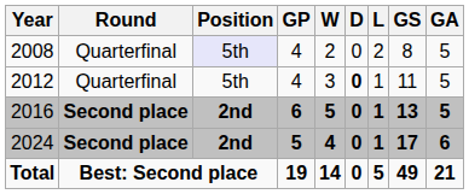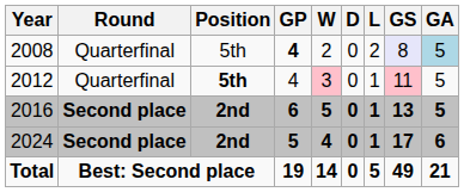 <table class="wikitable" style="text-align: center;">
 <tr>
 <th>Year</th>
 <th>Round</th>
 <th>Position</th>
 <th>GP</th>
 <th>W</th>
 <th>D</th>
 <th>L</th>
 <th>GS</th>
 <th>GA</th>
 </tr>
 <tr>
 <td> 2008</td>
 <td>Quarterfinal</td>
-<td style="background: lavender;">5th</td>
-<td>4</td>
+<td>5th</td>
+<td><strong>4</strong></td>
 <td>2</td>
 <td>0</td>
 <td>2</td>
-<td>8</td>
-<td>5</td>
+<td style="background: lavender;">8</td>
+<td style="background: lightblue;">5</td>
 </tr>
 <tr>
 <td> 2012</td>
 <td>Quarterfinal</td>
-<td>5th</td>
+<td><strong>5th</strong></td>
 <td>4</td>
-<td>3</td>
-<td><strong>0</strong></td>
+<td style="background: pink;">3</td>
+<td>0</td>
 <td>1</td>
-<td>11</td>
+<td style="background: pink;">11</td>
 <td>5</td>
 </tr>
 <tr bgcolor=silver>
 <td> 2016</td>
 <td><strong>Second place</strong></td>
 <td><strong>2nd</strong></td>
 <td><strong>6</strong></td>
 <td><strong>5</strong></td>
 <td><strong>0</strong></td>
 <td><strong>1</strong></td>
 <td><strong>13</strong></td>
 <td><strong>5</strong></td>
 </tr>
 <tr bgcolor=silver>
 <td> 2024</td>
 <td><strong>Second place</strong></td>
 <td><strong>2nd</strong></td>
 <td><strong>5</strong></td>
 <td><strong>4</strong></td>
 <td><strong>0</strong></td>
 <td><strong>1</strong></td>
 <td><strong>17</strong></td>
 <td><strong>6</strong></td>
 </tr>
 <tr>
 <td><strong>Total</strong></td>
 <td colspan=2><strong>Best: Second place</strong></td>
 <td><strong>19</strong></td>
 <td><strong>14</strong></td>
 <td><strong>0</strong></td>
 <td><strong>5</strong></td>
 <td><strong>49</strong></td>
 <td><strong>21</strong></td>
 </tr>
 </table>
